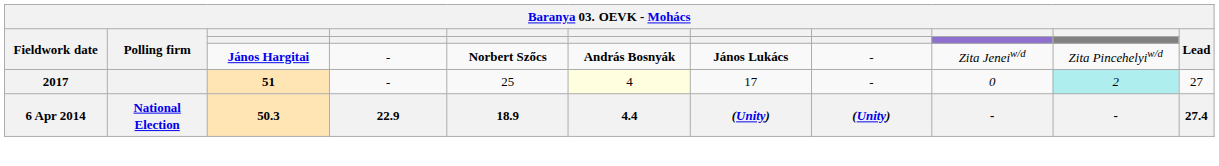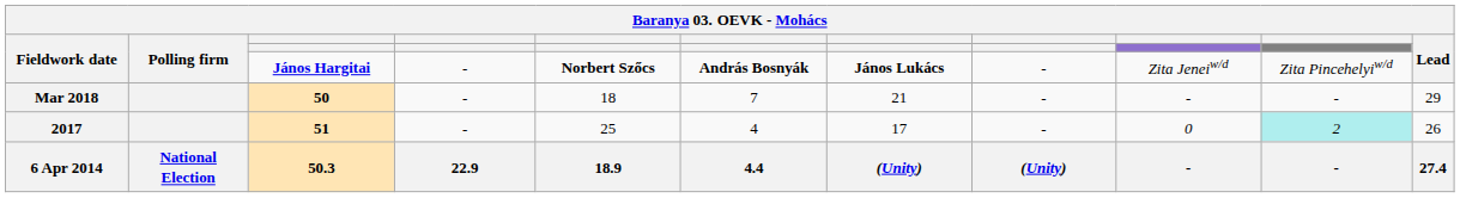 <table class="wikitable mw-collapsible mw-collapsed" style="text-align:center">
 <tr>
 <th colspan="11" style="width: 980pt;"><small><a href='#'>Baranya</a> 03.</small> <small>OEVK - <a href='#'>Mohács</a></small></th>
 </tr>
 <tr>
 <th rowspan="3" style="width: 80pt;"><small>Fieldwork</small> <small>date</small></th>
 <th rowspan="3" style="width: 80pt;"><strong><small>Polling</small> <small>firm</small></strong></th>
 <th style="width: 100pt;"><small></small></th>
 <th style="width: 100pt;"><small> </small></th>
 <th style="width: 100pt;"></th>
 <th style="width: 100pt;"></th>
 <th style="width: 100pt;"></th>
 <th style="width: 100pt;"></th>
 <th style="width: 100pt;"></th>
 <th style="width: 100pt;"></th>
 <th style="width: 20pt;" rowspan="3"><small>Lead</small></th>
 </tr>
 <tr>
 <th style="color:inherit;background:"></th>
 <th style="color:inherit;background:"></th>
 <th style="color:inherit;background:"></th>
 <th style="color:inherit;background:"></th>
 <th style="color:inherit;background:"></th>
 <th style="color:inherit;background:"></th>
 <th style="color:inherit;background:#8E6FCE;"></th>
 <th style="color:inherit;background:#808080;"></th>
 </tr>
 <tr>
 <td><a href='#'><strong><small>János Hargitai</small></strong></a></td>
 <td><small>-</small></td>
 <td><strong><small>Norbert Szőcs</small></strong></td>
 <td><strong><small>András Bosnyák</small></strong></td>
 <td><strong><small>János Lukács</small></strong></td>
 <td><small>-</small></td>
 <td><small><em>Zita Jenei<sup>w/d</sup></em></small></td>
 <td><small><em>Zita Pincehelyi<sup>w/d</sup></em></small></td>
 </tr>
 <tr>
+<th><small>Mar 2018</small></th>
+<th><small></small></th>
+<td style="background:#FFE5B4"><strong><small>50</small></strong></td>
+<td><small>-</small></td>
+<td><small>18</small></td>
+<td><small>7</small></td>
+<td><small>21</small></td>
+<td><small>-</small></td>
+<td><small><em>-</em></small></td>
+<td><small><em>-</em></small></td>
+<td style="background:"><small>29</small></td>
+</tr>
+<tr>
 <th><small>2017</small></th>
 <th><small></small></th>
 <td style="background:#FFE5B4"><strong><small>51</small></strong></td>
 <td><small>-</small></td>
 <td><small>25</small></td>
-<td style="background: lightyellow;"><small>4</small></td>
+<td><small>4</small></td>
 <td><small>17</small></td>
 <td><small>-</small></td>
 <td><small><em>0</em></small></td>
 <td style="background: paleturquoise;"><small><em>2</em></small></td>
-<td style="background:"><small>27</small></td>
+<td style="background:"><small>26</small></td>
 </tr>
 <tr>
 <th><small>6 Apr 2014</small></th>
 <th><a href='#'><small>National Election</small></a></th>
 <th style="background:#FFE5B4"><small><strong>50.3</strong></small></th>
 <th><small>22.9</small></th>
 <th><small>18.9</small></th>
 <th><small>4.4</small></th>
 <th><small><em>(<a href='#'>Unity</a>)</em></small></th>
 <th><small><em>(<a href='#'>Unity</a>)</em></small></th>
 <th><small>-</small></th>
 <th><small>-</small></th>
 <th style="background:"><small>27.4</small></th>
 </tr>
 </table>
